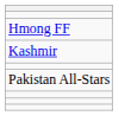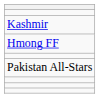 <table class="wikitable">
 <tr>
 <th scope="col"></th>
 </tr>
 <tr>
 <td></td>
 </tr>
 <tr>
-<td> <a href='#'>Hmong FF</a></td>
+<td> <a href='#'>Kashmir</a></td>
 </tr>
 <tr>
-<td> <a href='#'>Kashmir</a></td>
+<td> <a href='#'>Hmong FF</a></td>
 </tr>
 <tr>
 <td></td>
 </tr>
 <tr>
 <td> Pakistan All-Stars</td>
 </tr>
 <tr>
 <td></td>
 </tr>
 <tr>
 <td></td>
 </tr>
 <tr>
 <td></td>
 </tr>
 </table>
